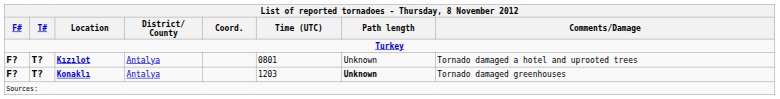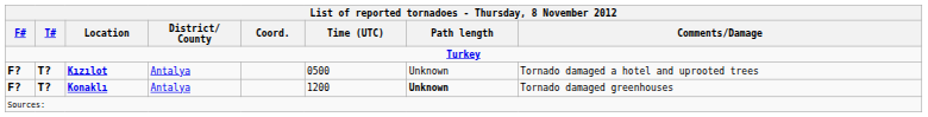 <table class="wikitable collapsible" width="100%">
 <tr>
 <th colspan="8">List of reported tornadoes - Thursday, 8 November 2012</th>
 </tr>
 <tr>
 <th><a href='#'>F#</a></th>
 <th><a href='#'>T#</a></th>
 <th>Location</th>
 <th>District/<br>County</th>
 <th>Coord.</th>
 <th>Time (UTC)</th>
 <th>Path length</th>
 <th>Comments/Damage</th>
 </tr>
 <tr>
 <td colspan="8" align=center><strong><a href='#'>Turkey</a></strong></td>
 </tr>
 <tr>
 <td><big><strong>F?</strong></big></td>
 <td><big><strong>T?</strong></big></td>
 <td><strong><a href='#'>Kızılot</a></strong></td>
 <td><a href='#'>Antalya</a></td>
 <td></td>
-<td>0801</td>
+<td>0500</td>
 <td>Unknown</td>
 <td>Tornado damaged a hotel and uprooted trees</td>
 </tr>
 <tr>
 <td><big><strong>F?</strong></big></td>
 <td><big><strong>T?</strong></big></td>
 <td><strong><a href='#'>Konaklı</a></strong></td>
 <td><a href='#'>Antalya</a></td>
 <td></td>
-<td>1203</td>
+<td>1200</td>
 <td><strong>Unknown</strong></td>
 <td>Tornado damaged greenhouses</td>
 </tr>
 <tr>
 <td colspan="8"><small>Sources:  </small></td>
 </tr>
 </table>
